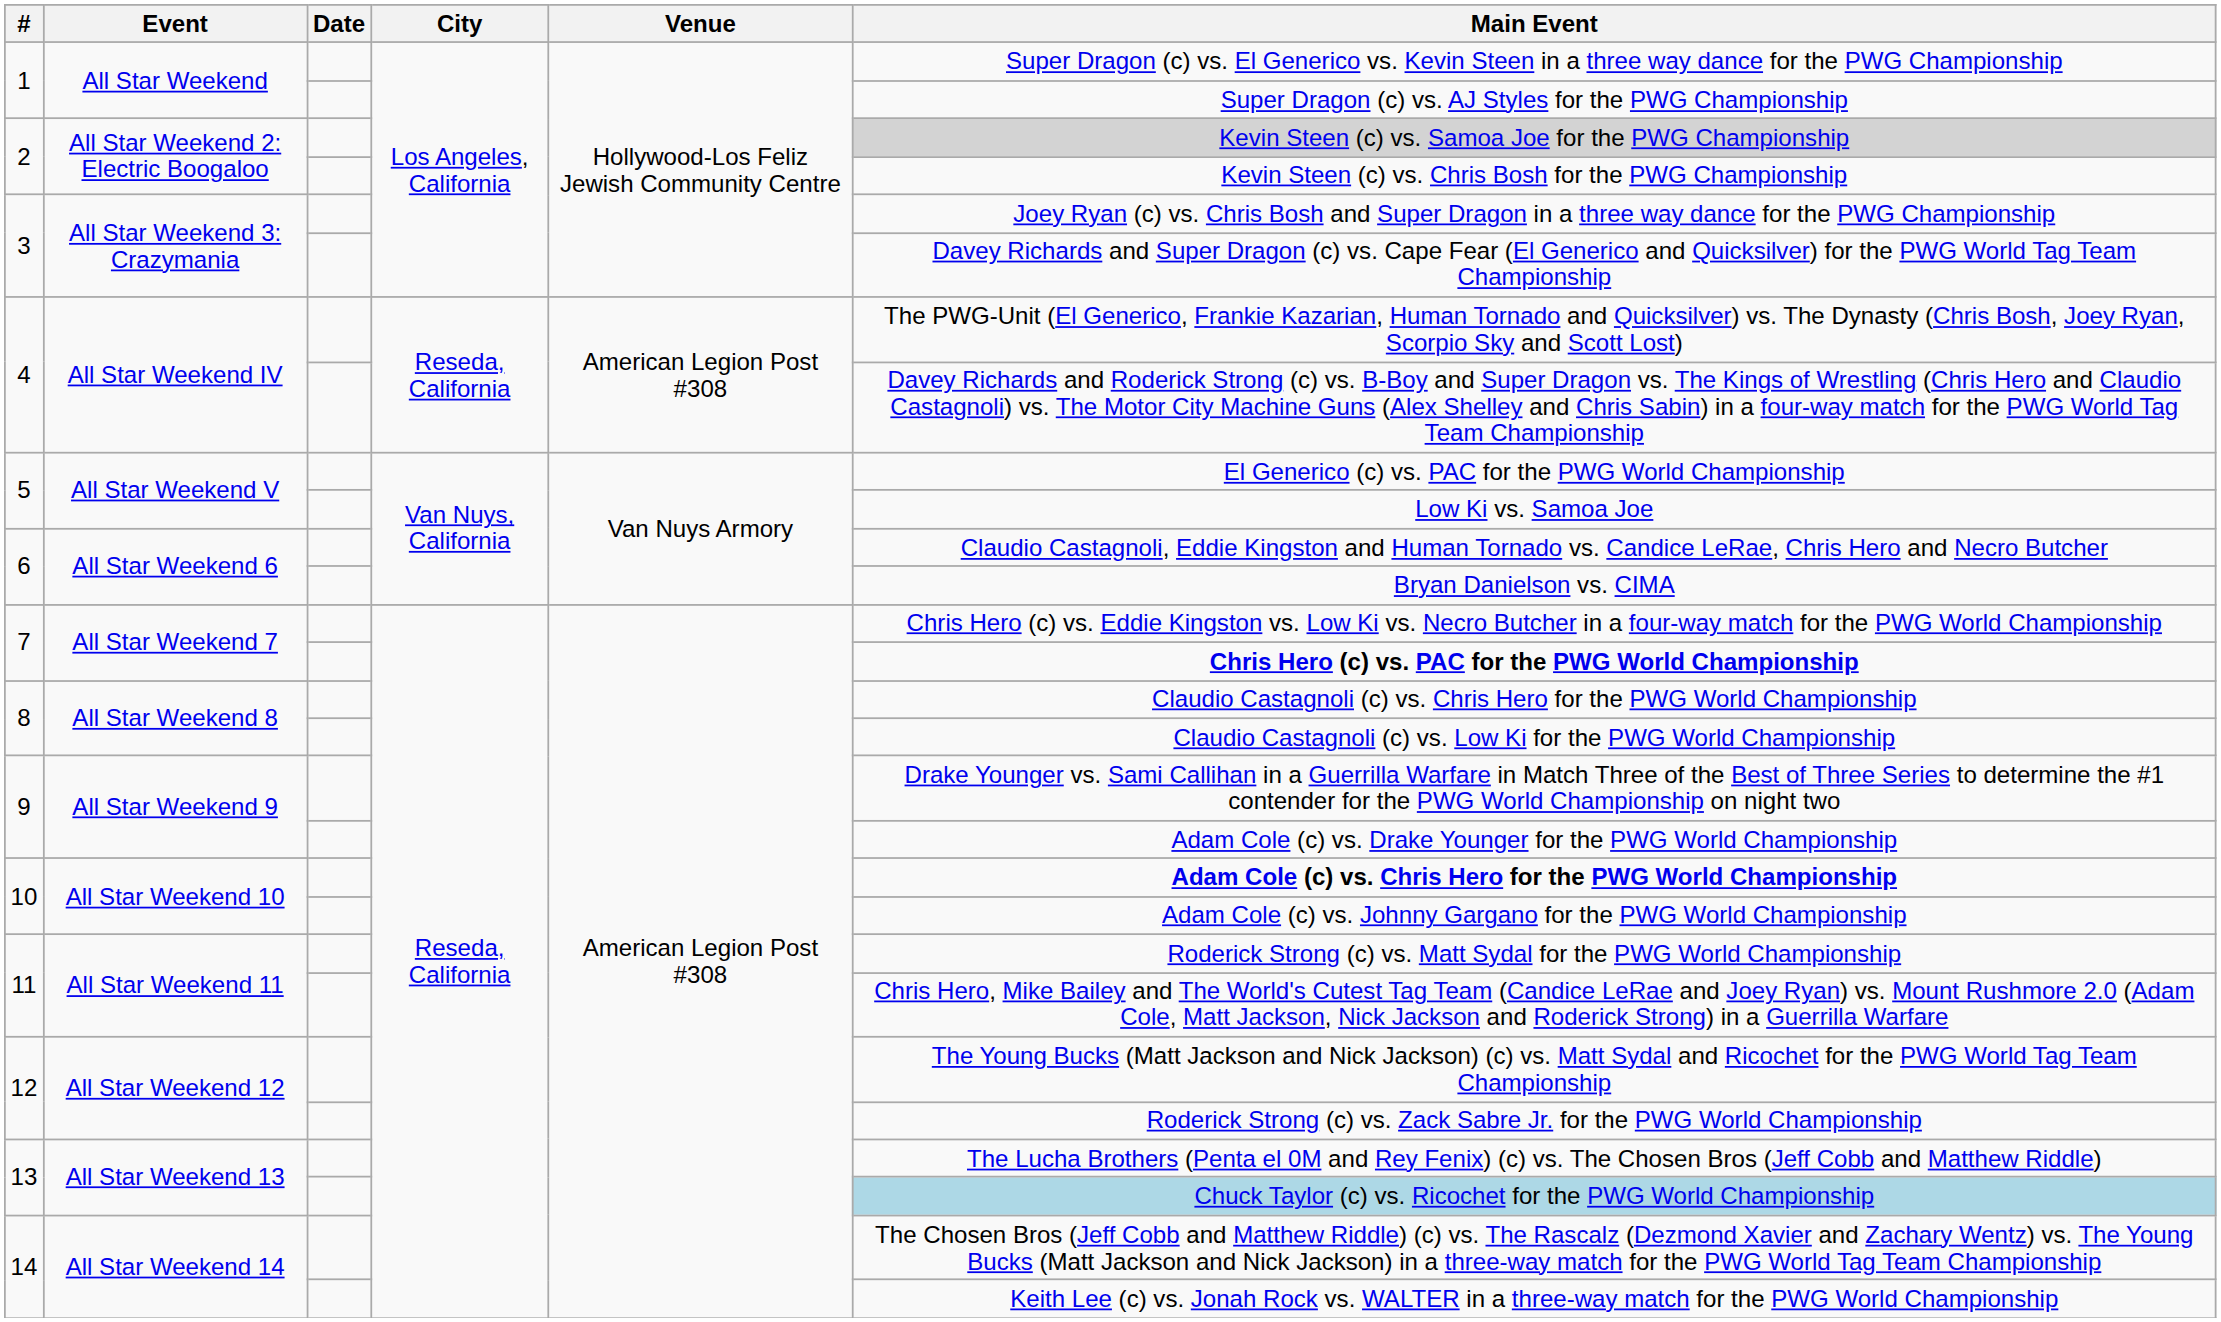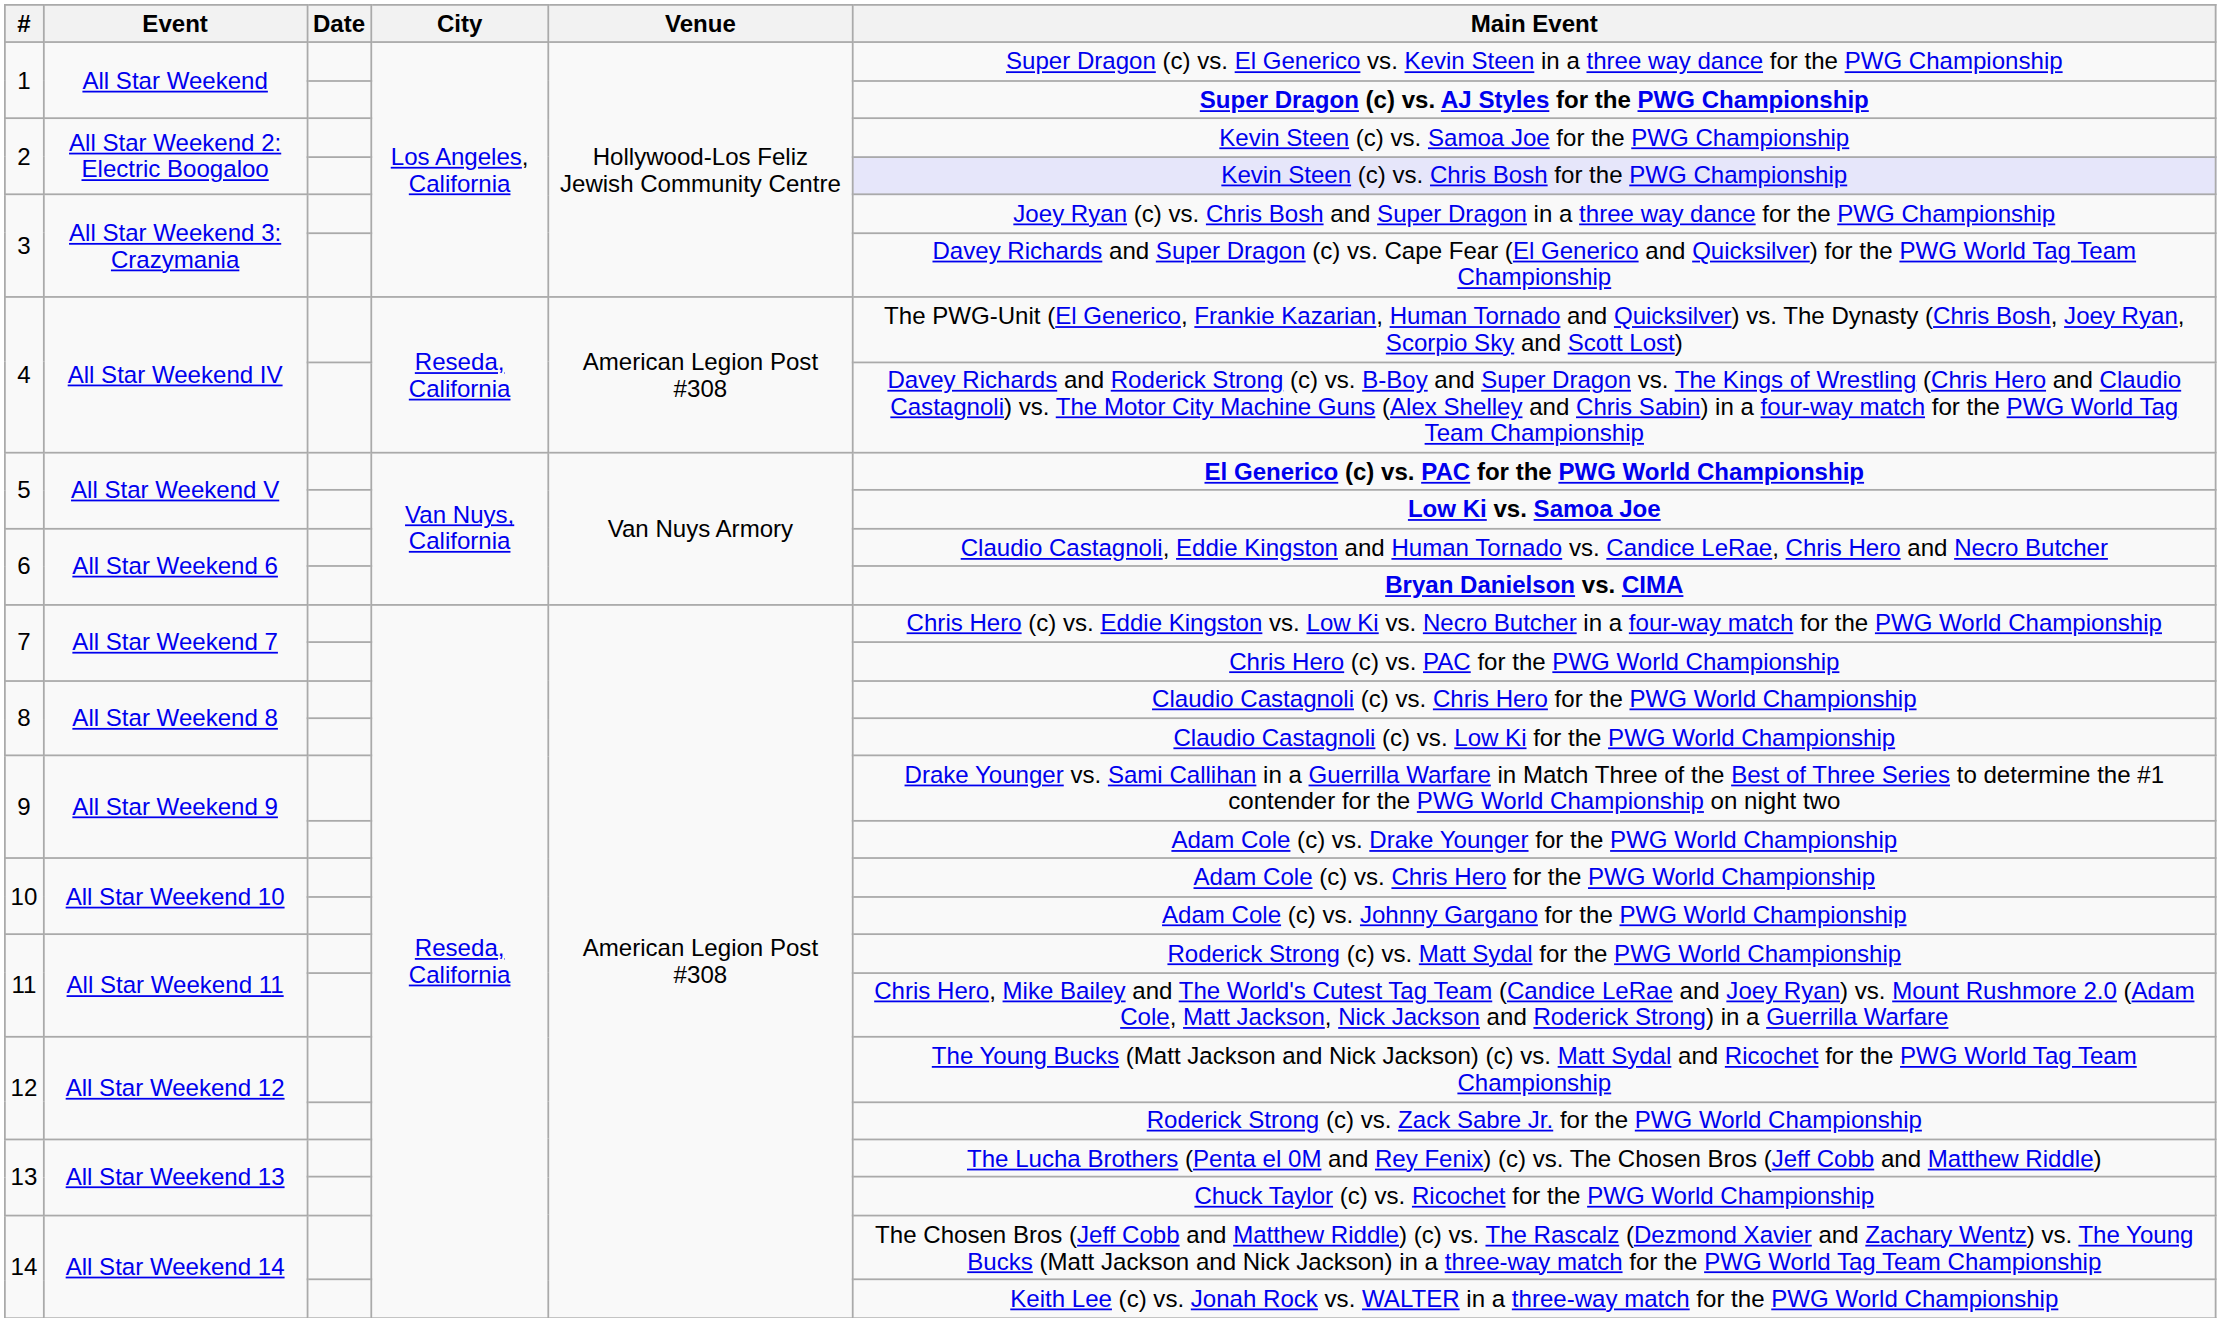 <table class="sortable wikitable succession-box" style="font-size:85%; text-align:center;">
 <tr>
 <th>#</th>
 <th>Event</th>
 <th>Date</th>
 <th>City</th>
 <th>Venue</th>
 <th>Main Event</th>
 </tr>
 <tr>
 <td rowspan="2">1</td>
 <td rowspan="2"><a href='#'>All Star Weekend</a></td>
 <td></td>
 <td rowspan="6"><a href='#'>Los Angeles</a>, <a href='#'>California</a></td>
 <td rowspan="6">Hollywood-Los Feliz Jewish Community Centre</td>
 <td><a href='#'>Super Dragon</a> (c) vs. <a href='#'>El Generico</a> vs. <a href='#'>Kevin Steen</a> in a <a href='#'>three way dance</a> for the <a href='#'>PWG Championship</a></td>
 </tr>
 <tr>
 <td></td>
-<td><a href='#'>Super Dragon</a> (c) vs. <a href='#'>AJ Styles</a> for the <a href='#'>PWG Championship</a></td>
+<td><strong><a href='#'>Super Dragon</a> (c) vs. <a href='#'>AJ Styles</a> for the <a href='#'>PWG Championship</a></strong></td>
 </tr>
 <tr>
 <td rowspan="2">2</td>
 <td rowspan="2"><a href='#'>All Star Weekend 2: Electric Boogaloo</a></td>
 <td></td>
-<td style="background: lightgrey;"><a href='#'>Kevin Steen</a> (c) vs. <a href='#'>Samoa Joe</a> for the <a href='#'>PWG Championship</a></td>
+<td><a href='#'>Kevin Steen</a> (c) vs. <a href='#'>Samoa Joe</a> for the <a href='#'>PWG Championship</a></td>
 </tr>
 <tr>
 <td></td>
-<td><a href='#'>Kevin Steen</a> (c) vs. <a href='#'>Chris Bosh</a> for the <a href='#'>PWG Championship</a></td>
+<td style="background: lavender;"><a href='#'>Kevin Steen</a> (c) vs. <a href='#'>Chris Bosh</a> for the <a href='#'>PWG Championship</a></td>
 </tr>
 <tr>
 <td rowspan="2">3</td>
 <td rowspan="2"><a href='#'>All Star Weekend 3: Crazymania</a></td>
 <td></td>
 <td><a href='#'>Joey Ryan</a> (c) vs. <a href='#'>Chris Bosh</a> and <a href='#'>Super Dragon</a> in a <a href='#'>three way dance</a> for the <a href='#'>PWG Championship</a></td>
 </tr>
 <tr>
 <td></td>
 <td><a href='#'>Davey Richards</a> and <a href='#'>Super Dragon</a> (c) vs. Cape Fear (<a href='#'>El Generico</a> and <a href='#'>Quicksilver</a>) for the <a href='#'>PWG World Tag Team Championship</a></td>
 </tr>
 <tr>
 <td rowspan="2">4</td>
 <td rowspan="2"><a href='#'>All Star Weekend IV</a></td>
 <td></td>
 <td rowspan="2"><a href='#'>Reseda, California</a></td>
 <td rowspan="2">American Legion Post #308</td>
 <td>The PWG-Unit (<a href='#'>El Generico</a>, <a href='#'>Frankie Kazarian</a>, <a href='#'>Human Tornado</a> and <a href='#'>Quicksilver</a>) vs. The Dynasty (<a href='#'>Chris Bosh</a>, <a href='#'>Joey Ryan</a>, <a href='#'>Scorpio Sky</a> and <a href='#'>Scott Lost</a>)</td>
 </tr>
 <tr>
 <td></td>
 <td><a href='#'>Davey Richards</a> and <a href='#'>Roderick Strong</a> (c) vs. <a href='#'>B-Boy</a> and <a href='#'>Super Dragon</a> vs. <a href='#'>The Kings of Wrestling</a> (<a href='#'>Chris Hero</a> and <a href='#'>Claudio Castagnoli</a>) vs. <a href='#'>The Motor City Machine Guns</a> (<a href='#'>Alex Shelley</a> and <a href='#'>Chris Sabin</a>) in a <a href='#'>four-way match</a> for the <a href='#'>PWG World Tag Team Championship</a></td>
 </tr>
 <tr>
 <td rowspan="2">5</td>
 <td rowspan="2"><a href='#'>All Star Weekend V</a></td>
 <td></td>
 <td rowspan="4"><a href='#'>Van Nuys, California</a></td>
 <td rowspan="4">Van Nuys Armory</td>
-<td><a href='#'>El Generico</a> (c) vs. <a href='#'>PAC</a> for the <a href='#'>PWG World Championship</a></td>
+<td><strong><a href='#'>El Generico</a> (c) vs. <a href='#'>PAC</a> for the <a href='#'>PWG World Championship</a></strong></td>
 </tr>
 <tr>
 <td></td>
-<td><a href='#'>Low Ki</a> vs. <a href='#'>Samoa Joe</a></td>
+<td><strong><a href='#'>Low Ki</a> vs. <a href='#'>Samoa Joe</a></strong></td>
 </tr>
 <tr>
 <td rowspan="2">6</td>
 <td rowspan="2"><a href='#'>All Star Weekend 6</a></td>
 <td></td>
 <td><a href='#'>Claudio Castagnoli</a>, <a href='#'>Eddie Kingston</a> and <a href='#'>Human Tornado</a> vs. <a href='#'>Candice LeRae</a>, <a href='#'>Chris Hero</a> and <a href='#'>Necro Butcher</a></td>
 </tr>
 <tr>
 <td></td>
-<td><a href='#'>Bryan Danielson</a> vs. <a href='#'>CIMA</a></td>
+<td><strong><a href='#'>Bryan Danielson</a> vs. <a href='#'>CIMA</a></strong></td>
 </tr>
 <tr>
 <td rowspan="2">7</td>
 <td rowspan="2"><a href='#'>All Star Weekend 7</a></td>
 <td></td>
 <td rowspan="16"><a href='#'>Reseda, California</a></td>
 <td rowspan="16">American Legion Post #308</td>
 <td><a href='#'>Chris Hero</a> (c) vs. <a href='#'>Eddie Kingston</a> vs. <a href='#'>Low Ki</a> vs. <a href='#'>Necro Butcher</a> in a <a href='#'>four-way match</a> for the <a href='#'>PWG World Championship</a></td>
 </tr>
 <tr>
 <td></td>
-<td><strong><a href='#'>Chris Hero</a> (c) vs. <a href='#'>PAC</a> for the <a href='#'>PWG World Championship</a></strong></td>
+<td><a href='#'>Chris Hero</a> (c) vs. <a href='#'>PAC</a> for the <a href='#'>PWG World Championship</a></td>
 </tr>
 <tr>
 <td rowspan="2">8</td>
 <td rowspan="2"><a href='#'>All Star Weekend 8</a></td>
 <td></td>
 <td><a href='#'>Claudio Castagnoli</a> (c) vs. <a href='#'>Chris Hero</a> for the <a href='#'>PWG World Championship</a></td>
 </tr>
 <tr>
 <td></td>
 <td><a href='#'>Claudio Castagnoli</a> (c) vs. <a href='#'>Low Ki</a> for the <a href='#'>PWG World Championship</a></td>
 </tr>
 <tr>
 <td rowspan="2">9</td>
 <td rowspan="2"><a href='#'>All Star Weekend 9</a></td>
 <td></td>
 <td><a href='#'>Drake Younger</a> vs. <a href='#'>Sami Callihan</a> in a <a href='#'>Guerrilla Warfare</a> in Match Three of the <a href='#'>Best of Three Series</a> to determine the #1 contender for the <a href='#'>PWG World Championship</a> on night two</td>
 </tr>
 <tr>
 <td></td>
 <td><a href='#'>Adam Cole</a> (c) vs. <a href='#'>Drake Younger</a> for the <a href='#'>PWG World Championship</a></td>
 </tr>
 <tr>
 <td rowspan="2">10</td>
 <td rowspan="2"><a href='#'>All Star Weekend 10</a></td>
 <td></td>
-<td><strong><a href='#'>Adam Cole</a> (c) vs. <a href='#'>Chris Hero</a> for the <a href='#'>PWG World Championship</a></strong></td>
+<td><a href='#'>Adam Cole</a> (c) vs. <a href='#'>Chris Hero</a> for the <a href='#'>PWG World Championship</a></td>
 </tr>
 <tr>
 <td></td>
 <td><a href='#'>Adam Cole</a> (c) vs. <a href='#'>Johnny Gargano</a> for the <a href='#'>PWG World Championship</a></td>
 </tr>
 <tr>
 <td rowspan="2">11</td>
 <td rowspan="2"><a href='#'>All Star Weekend 11</a></td>
 <td></td>
 <td><a href='#'>Roderick Strong</a> (c) vs. <a href='#'>Matt Sydal</a> for the <a href='#'>PWG World Championship</a></td>
 </tr>
 <tr>
 <td></td>
 <td><a href='#'>Chris Hero</a>, <a href='#'>Mike Bailey</a> and <a href='#'>The World's Cutest Tag Team</a> (<a href='#'>Candice LeRae</a> and <a href='#'>Joey Ryan</a>) vs. <a href='#'>Mount Rushmore 2.0</a> (<a href='#'>Adam Cole</a>, <a href='#'>Matt Jackson</a>, <a href='#'>Nick Jackson</a> and <a href='#'>Roderick Strong</a>) in a <a href='#'>Guerrilla Warfare</a></td>
 </tr>
 <tr>
 <td rowspan="2">12</td>
 <td rowspan="2"><a href='#'>All Star Weekend 12</a></td>
 <td></td>
 <td><a href='#'>The Young Bucks</a> (Matt Jackson and Nick Jackson) (c) vs. <a href='#'>Matt Sydal</a> and <a href='#'>Ricochet</a> for the <a href='#'>PWG World Tag Team Championship</a></td>
 </tr>
 <tr>
 <td></td>
 <td><a href='#'>Roderick Strong</a> (c) vs. <a href='#'>Zack Sabre Jr.</a> for the <a href='#'>PWG World Championship</a></td>
 </tr>
 <tr>
 <td rowspan="2">13</td>
 <td rowspan="2"><a href='#'>All Star Weekend 13</a></td>
 <td></td>
 <td><a href='#'>The Lucha Brothers</a> (<a href='#'>Penta el 0M</a> and <a href='#'>Rey Fenix</a>) (c) vs. The Chosen Bros (<a href='#'>Jeff Cobb</a> and <a href='#'>Matthew Riddle</a>)</td>
 </tr>
 <tr>
 <td></td>
-<td style="background: lightblue;"><a href='#'>Chuck Taylor</a> (c) vs. <a href='#'>Ricochet</a> for the <a href='#'>PWG World Championship</a></td>
+<td><a href='#'>Chuck Taylor</a> (c) vs. <a href='#'>Ricochet</a> for the <a href='#'>PWG World Championship</a></td>
 </tr>
 <tr>
 <td rowspan="2">14</td>
 <td rowspan="2"><a href='#'>All Star Weekend 14</a></td>
 <td></td>
 <td>The Chosen Bros (<a href='#'>Jeff Cobb</a> and <a href='#'>Matthew Riddle</a>) (c) vs. <a href='#'>The Rascalz</a> (<a href='#'>Dezmond Xavier</a> and <a href='#'>Zachary Wentz</a>) vs. <a href='#'>The Young Bucks</a> (Matt Jackson and Nick Jackson) in a <a href='#'>three-way match</a> for the <a href='#'>PWG World Tag Team Championship</a></td>
 </tr>
 <tr>
 <td></td>
 <td><a href='#'>Keith Lee</a> (c) vs. <a href='#'>Jonah Rock</a> vs. <a href='#'>WALTER</a> in a <a href='#'>three-way match</a> for the <a href='#'>PWG World Championship</a></td>
 </tr>
 </table>
